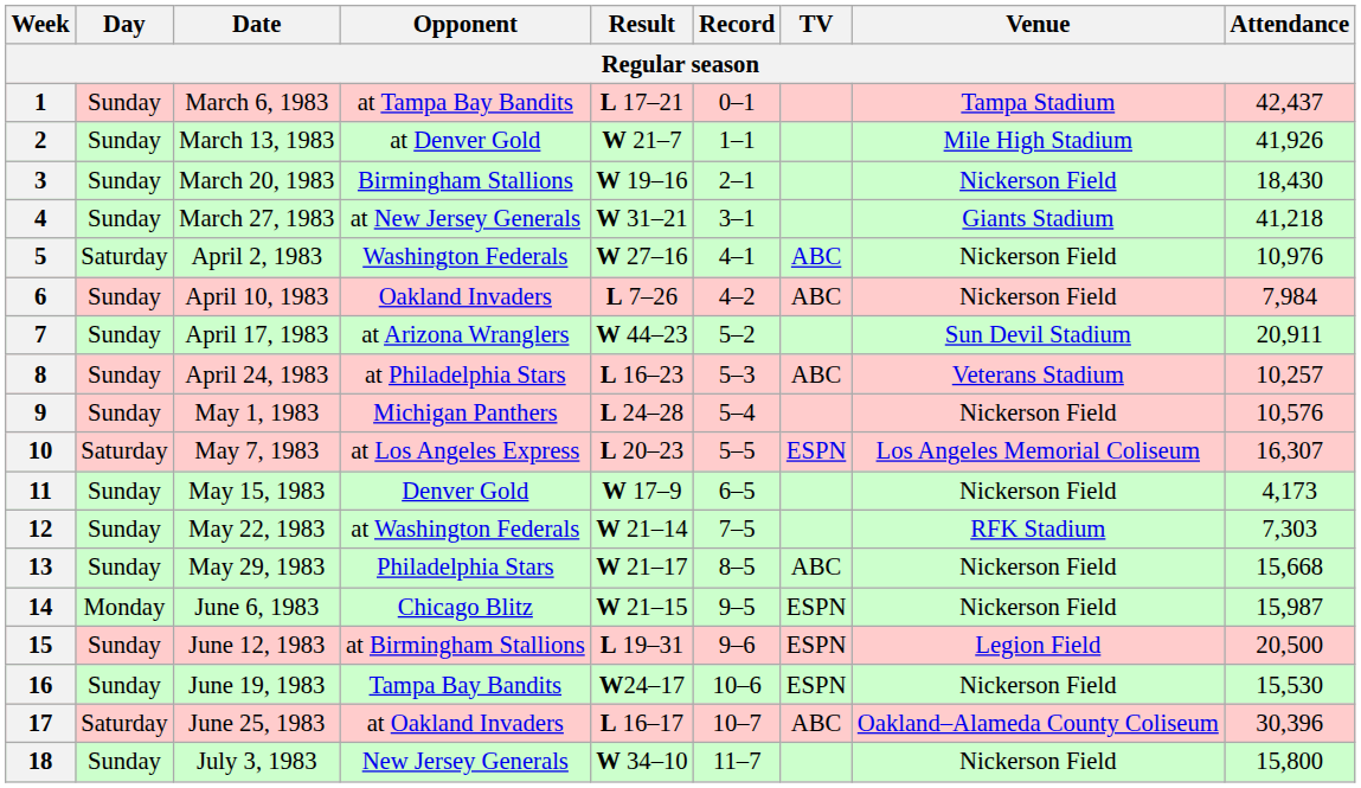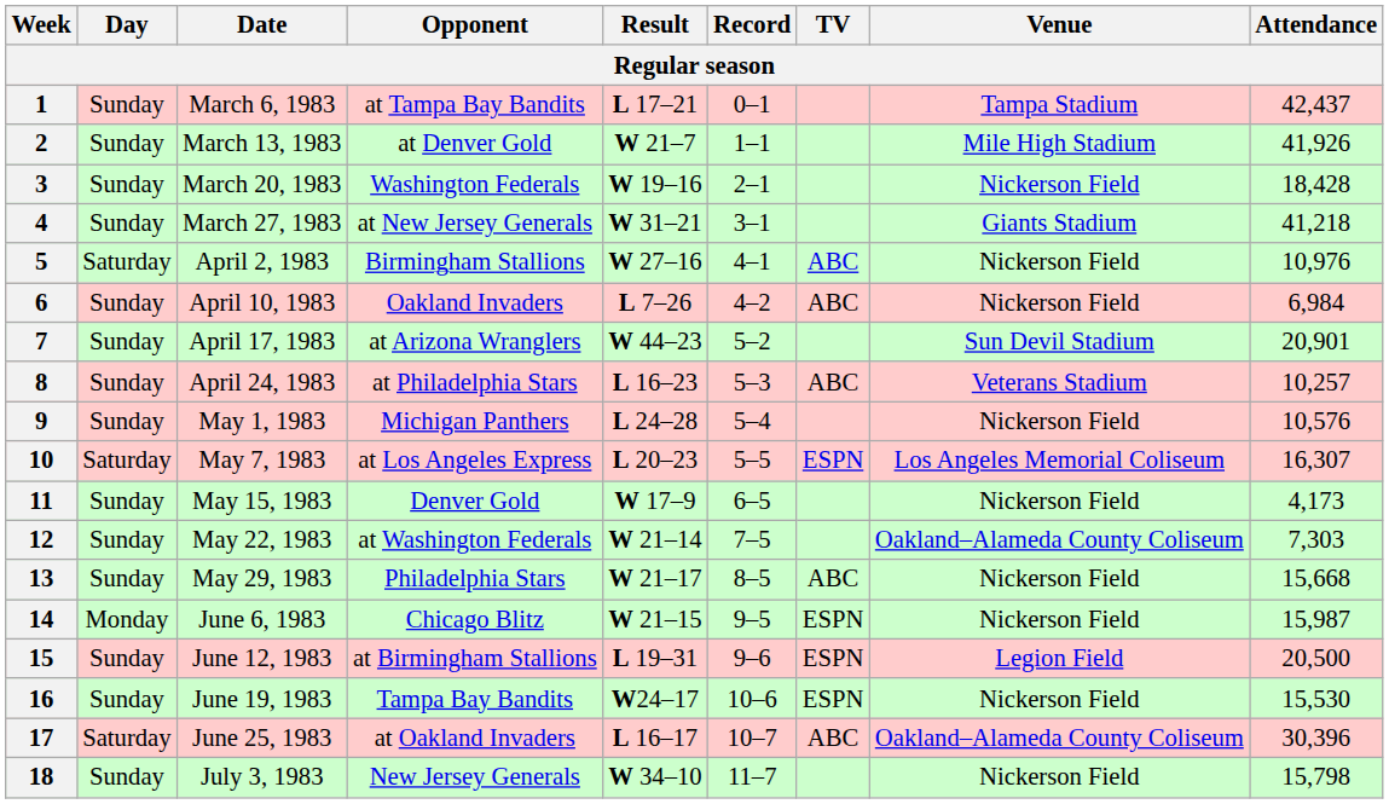 <table class="wikitable" style="text-align:center">
 <tr>
 <th>Week</th>
 <th>Day</th>
 <th>Date</th>
 <th>Opponent</th>
 <th>Result</th>
 <th>Record</th>
 <th>TV</th>
 <th>Venue</th>
 <th>Attendance</th>
 </tr>
 <tr>
 <th colspan="9">Regular season</th>
 </tr>
 <tr style="background:#fcc">
 <th>1</th>
 <td>Sunday</td>
 <td>March 6, 1983</td>
 <td>at <a href='#'>Tampa Bay Bandits</a></td>
 <td><strong>L</strong> 17–21</td>
 <td>0–1</td>
 <td></td>
 <td><a href='#'>Tampa Stadium</a></td>
 <td>42,437</td>
 </tr>
 <tr style="background:#cfc">
 <th>2</th>
 <td>Sunday</td>
 <td>March 13, 1983</td>
 <td>at <a href='#'>Denver Gold</a></td>
 <td><strong>W</strong> 21–7</td>
 <td>1–1</td>
 <td></td>
 <td><a href='#'>Mile High Stadium</a></td>
 <td>41,926</td>
 </tr>
 <tr style="background:#cfc">
 <th>3</th>
 <td>Sunday</td>
 <td>March 20, 1983</td>
-<td><a href='#'>Birmingham Stallions</a></td>
+<td><a href='#'>Washington Federals</a></td>
 <td><strong>W</strong> 19–16</td>
 <td>2–1</td>
 <td></td>
 <td><a href='#'>Nickerson Field</a></td>
-<td>18,430</td>
+<td>18,428</td>
 </tr>
 <tr style="background:#cfc">
 <th>4</th>
 <td>Sunday</td>
 <td>March 27, 1983</td>
 <td>at <a href='#'>New Jersey Generals</a></td>
 <td><strong>W</strong> 31–21</td>
 <td>3–1</td>
 <td></td>
 <td><a href='#'>Giants Stadium</a></td>
 <td>41,218</td>
 </tr>
 <tr style="background:#cfc">
 <th>5</th>
 <td>Saturday</td>
 <td>April 2, 1983</td>
-<td><a href='#'>Washington Federals</a></td>
+<td><a href='#'>Birmingham Stallions</a></td>
 <td><strong>W</strong> 27–16</td>
 <td>4–1</td>
 <td><a href='#'>ABC</a></td>
 <td>Nickerson Field</td>
 <td>10,976</td>
 </tr>
 <tr style="background:#fcc">
 <th>6</th>
 <td>Sunday</td>
 <td>April 10, 1983</td>
 <td><a href='#'>Oakland Invaders</a></td>
 <td><strong>L</strong> 7–26</td>
 <td>4–2</td>
 <td>ABC</td>
 <td>Nickerson Field</td>
-<td>7,984</td>
+<td>6,984</td>
 </tr>
 <tr style="background:#cfc">
 <th>7</th>
 <td>Sunday</td>
 <td>April 17, 1983</td>
 <td>at <a href='#'>Arizona Wranglers</a></td>
 <td><strong>W</strong> 44–23</td>
 <td>5–2</td>
 <td></td>
 <td><a href='#'>Sun Devil Stadium</a></td>
-<td>20,911</td>
+<td>20,901</td>
 </tr>
 <tr style="background:#fcc">
 <th>8</th>
 <td>Sunday</td>
 <td>April 24, 1983</td>
 <td>at <a href='#'>Philadelphia Stars</a></td>
 <td><strong>L</strong> 16–23</td>
 <td>5–3</td>
 <td>ABC</td>
 <td><a href='#'>Veterans Stadium</a></td>
 <td>10,257</td>
 </tr>
 <tr style="background:#fcc">
 <th>9</th>
 <td>Sunday</td>
 <td>May 1, 1983</td>
 <td><a href='#'>Michigan Panthers</a></td>
 <td><strong>L</strong> 24–28</td>
 <td>5–4</td>
 <td></td>
 <td>Nickerson Field</td>
 <td>10,576</td>
 </tr>
 <tr style="background:#fcc">
 <th>10</th>
 <td>Saturday</td>
 <td>May 7, 1983</td>
 <td>at <a href='#'>Los Angeles Express</a></td>
 <td><strong>L</strong> 20–23</td>
 <td>5–5</td>
 <td><a href='#'>ESPN</a></td>
 <td><a href='#'>Los Angeles Memorial Coliseum</a></td>
 <td>16,307</td>
 </tr>
 <tr style="background:#cfc">
 <th>11</th>
 <td>Sunday</td>
 <td>May 15, 1983</td>
 <td><a href='#'>Denver Gold</a></td>
 <td><strong>W</strong> 17–9</td>
 <td>6–5</td>
 <td></td>
 <td>Nickerson Field</td>
 <td>4,173</td>
 </tr>
 <tr style="background:#cfc">
 <th>12</th>
 <td>Sunday</td>
 <td>May 22, 1983</td>
 <td>at <a href='#'>Washington Federals</a></td>
 <td><strong>W</strong> 21–14</td>
 <td>7–5</td>
 <td></td>
-<td><a href='#'>RFK Stadium</a></td>
+<td><a href='#'>Oakland–Alameda County Coliseum</a></td>
 <td>7,303</td>
 </tr>
 <tr style="background:#cfc">
 <th>13</th>
 <td>Sunday</td>
 <td>May 29, 1983</td>
 <td><a href='#'>Philadelphia Stars</a></td>
 <td><strong>W</strong> 21–17</td>
 <td>8–5</td>
 <td>ABC</td>
 <td>Nickerson Field</td>
 <td>15,668</td>
 </tr>
 <tr style="background:#cfc">
 <th>14</th>
 <td>Monday</td>
 <td>June 6, 1983</td>
 <td><a href='#'>Chicago Blitz</a></td>
 <td><strong>W</strong> 21–15</td>
 <td>9–5</td>
 <td>ESPN</td>
 <td>Nickerson Field</td>
 <td>15,987</td>
 </tr>
 <tr style="background:#fcc">
 <th>15</th>
 <td>Sunday</td>
 <td>June 12, 1983</td>
 <td>at <a href='#'>Birmingham Stallions</a></td>
 <td><strong>L</strong> 19–31</td>
 <td>9–6</td>
 <td>ESPN</td>
 <td><a href='#'>Legion Field</a></td>
 <td>20,500</td>
 </tr>
 <tr style="background:#cfc">
 <th>16</th>
 <td>Sunday</td>
 <td>June 19, 1983</td>
 <td><a href='#'>Tampa Bay Bandits</a></td>
 <td><strong>W</strong>24–17</td>
 <td>10–6</td>
 <td>ESPN</td>
 <td>Nickerson Field</td>
 <td>15,530</td>
 </tr>
 <tr style="background:#fcc">
 <th>17</th>
 <td>Saturday</td>
 <td>June 25, 1983</td>
 <td>at <a href='#'>Oakland Invaders</a></td>
 <td><strong>L</strong> 16–17</td>
 <td>10–7</td>
 <td>ABC</td>
 <td><a href='#'>Oakland–Alameda County Coliseum</a></td>
 <td>30,396</td>
 </tr>
 <tr style="background:#cfc">
 <th>18</th>
 <td>Sunday</td>
 <td>July 3, 1983</td>
 <td><a href='#'>New Jersey Generals</a></td>
 <td><strong>W</strong> 34–10</td>
 <td>11–7</td>
 <td></td>
 <td>Nickerson Field</td>
-<td>15,800</td>
+<td>15,798</td>
 </tr>
 </table>
